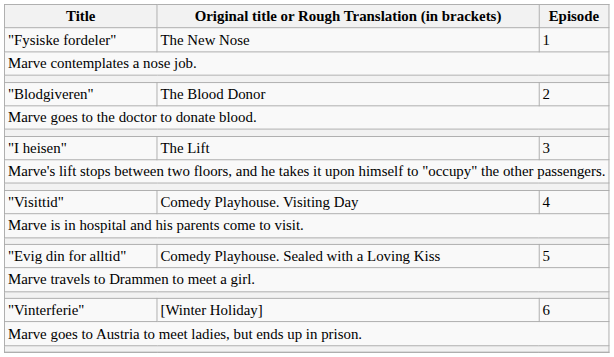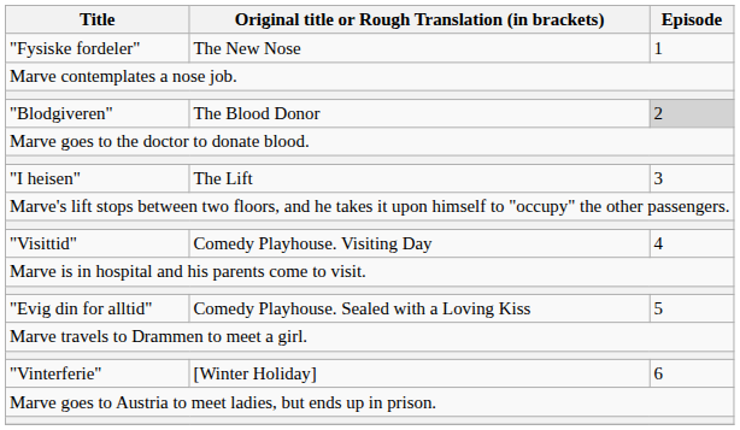 <table class="wikitable">
 <tr>
 <th>Title</th>
 <th>Original title or Rough Translation (in brackets)</th>
 <th>Episode</th>
 </tr>
 <tr>
 <td>"Fysiske fordeler"</td>
 <td>The New Nose</td>
 <td>1</td>
 </tr>
 <tr>
 <td colspan="6">Marve contemplates a nose job.</td>
 </tr>
 <tr>
 <td colspan="6" bgcolor="#f2f2f2"></td>
 </tr>
 <tr>
 <td>"Blodgiveren"</td>
 <td>The Blood Donor</td>
-<td>2</td>
+<td style="background: lightgrey;">2</td>
 </tr>
 <tr>
 <td colspan="6">Marve goes to the doctor to donate blood.</td>
 </tr>
 <tr>
 <td colspan="6" bgcolor="#f2f2f2"></td>
 </tr>
 <tr>
 <td>"I heisen"</td>
 <td>The Lift</td>
 <td>3</td>
 </tr>
 <tr>
 <td colspan="6">Marve's lift stops between two floors, and he takes it upon himself to "occupy" the other passengers.</td>
 </tr>
 <tr>
 <td colspan="6" bgcolor="#f2f2f2"></td>
 </tr>
 <tr>
 <td>"Visittid"</td>
 <td>Comedy Playhouse. Visiting Day</td>
 <td>4</td>
 </tr>
 <tr>
 <td colspan="6">Marve is in hospital and his parents come to visit.</td>
 </tr>
 <tr>
 <td colspan="6" bgcolor="#f2f2f2"></td>
 </tr>
 <tr>
 <td>"Evig din for alltid"</td>
 <td>Comedy Playhouse. Sealed with a Loving Kiss</td>
 <td>5</td>
 </tr>
 <tr>
 <td colspan="6">Marve travels to Drammen to meet a girl.</td>
 </tr>
 <tr>
 <td colspan="6" bgcolor="#f2f2f2"></td>
 </tr>
 <tr>
 <td>"Vinterferie"</td>
 <td>[Winter Holiday]</td>
 <td>6</td>
 </tr>
 <tr>
 <td colspan="6">Marve goes to Austria to meet ladies, but ends up in prison.</td>
 </tr>
 <tr>
 <td colspan="6" bgcolor="#f2f2f2"></td>
 </tr>
 <tr>
 </tr>
 </table>
